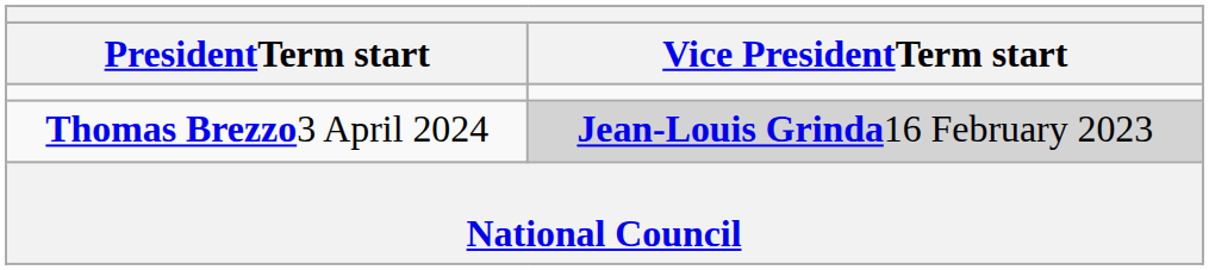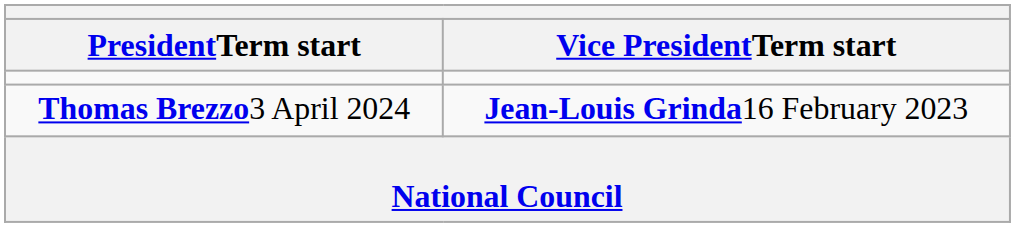 <table class="wikitable" width="40%" style="text-align: center">
 <tr>
 <th colspan="2"></th>
 </tr>
 <tr>
 <th><a href='#'>President</a>Term start</th>
 <th><a href='#'>Vice President</a>Term start</th>
 </tr>
 <tr>
 <td></td>
 <td></td>
 </tr>
 <tr>
 <td><strong><a href='#'>Thomas Brezzo</a></strong>3 April 2024</td>
-<td style="background: lightgrey;"><strong><a href='#'>Jean-Louis Grinda</a></strong>16 February 2023</td>
+<td><strong><a href='#'>Jean-Louis Grinda</a></strong>16 February 2023</td>
 </tr>
 <tr>
 <th colspan="2"><br><a href='#'>National Council</a></th>
 </tr>
 </table>
